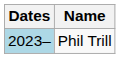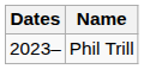 <table class="wikitable">
 <tr>
 <th>Dates</th>
 <th>Name</th>
 </tr>
 <tr>
-<td style="background: lightblue;">2023–</td>
+<td>2023–</td>
 <td> Phil Trill</td>
 </tr>
 </table>
